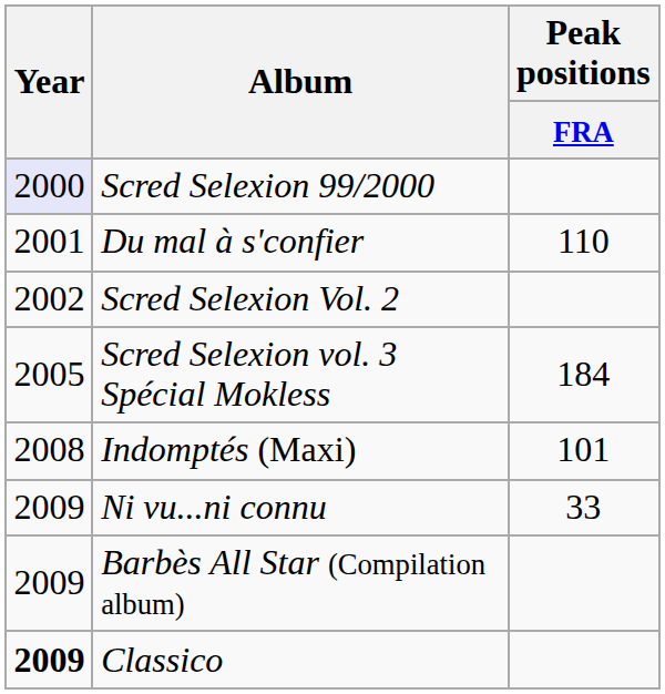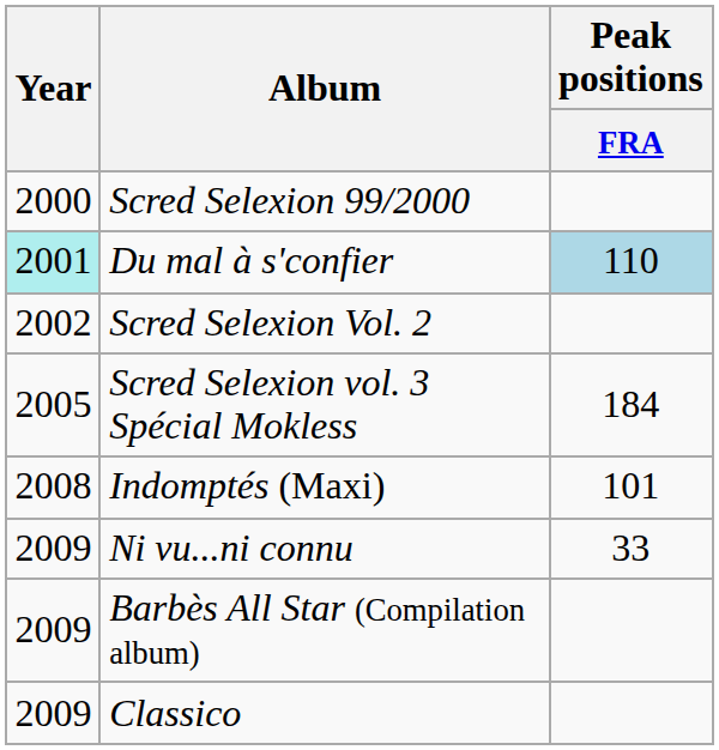 <table class="wikitable">
 <tr>
 <th align="center" rowspan="2" width="10">Year</th>
 <th align="center" rowspan="2" width="180">Album</th>
 <th align="center" colspan="1" width="30">Peak positions</th>
 </tr>
 <tr>
 <th width="20"><small><a href='#'>FRA</a><br></small></th>
 </tr>
 <tr>
-<td align="center" rowspan="1" style="background: lavender;">2000</td>
+<td align="center" rowspan="1">2000</td>
 <td><em>Scred Selexion 99/2000</em></td>
 <td align="center"></td>
 </tr>
 <tr>
-<td align="center" rowspan="1">2001</td>
+<td align="center" rowspan="1" style="background: paleturquoise;">2001</td>
 <td><em>Du mal à s'confier</em></td>
-<td align="center">110</td>
+<td align="center" style="background: lightblue;">110</td>
 </tr>
 <tr>
 <td align="center" rowspan="1">2002</td>
 <td><em>Scred Selexion Vol. 2</em></td>
 <td align="center"></td>
 </tr>
 <tr>
 <td align="center" rowspan="1">2005</td>
 <td><em>Scred Selexion vol. 3 Spécial Mokless</em></td>
 <td align="center">184</td>
 </tr>
 <tr>
 <td align="center" rowspan="1">2008</td>
 <td><em>Indomptés</em> (Maxi)</td>
 <td align="center">101</td>
 </tr>
 <tr>
 <td align="center" rowspan="1">2009</td>
 <td><em>Ni vu...ni connu</em></td>
 <td align="center">33</td>
 </tr>
 <tr>
 <td align="center" rowspan="1">2009</td>
 <td><em>Barbès All Star</em> <small>(Compilation album)</small></td>
 <td align="center"></td>
 </tr>
 <tr>
-<td align="center" rowspan="1"><strong>2009</strong></td>
+<td align="center" rowspan="1">2009</td>
 <td><em>Classico</em></td>
 <td align="center"></td>
 </tr>
 <tr>
 </tr>
 </table>
